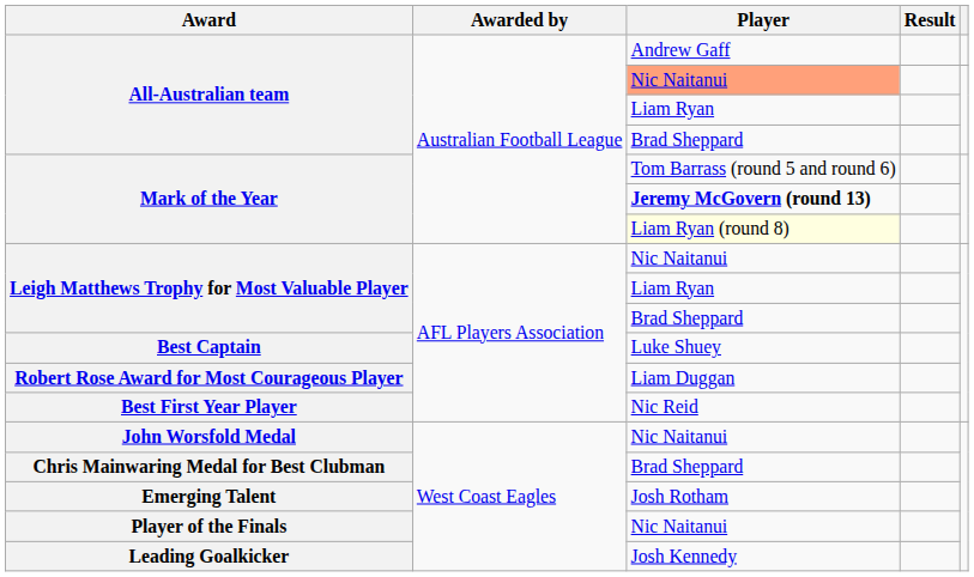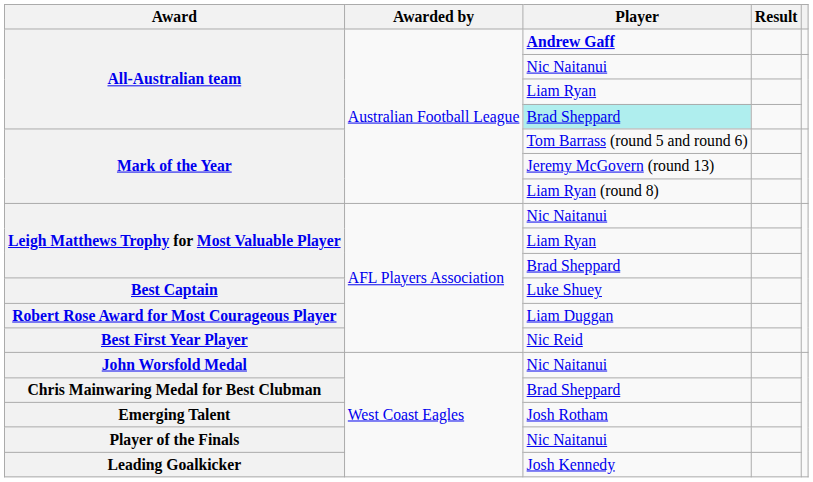 <table class="wikitable plainrowheaders sortable">
 <tr>
 <th scope="col">Award</th>
 <th scope="col">Awarded by</th>
 <th scope="col">Player</th>
 <th scope="col">Result</th>
 <th class="unsortable"></th>
 </tr>
 <tr>
 <th scope="row" rowspan=4><a href='#'>All-Australian team</a></th>
 <td rowspan=7><a href='#'>Australian Football League</a></td>
-<td><a href='#'>Andrew Gaff</a></td>
+<td><strong><a href='#'>Andrew Gaff</a></strong></td>
 <td></td>
 <td></td>
 </tr>
 <tr>
-<td style="background: lightsalmon;"><a href='#'>Nic Naitanui</a></td>
+<td><a href='#'>Nic Naitanui</a></td>
 <td></td>
 <td rowspan=3></td>
 </tr>
 <tr>
 <td><a href='#'>Liam Ryan</a></td>
 <td></td>
 </tr>
 <tr>
-<td><a href='#'>Brad Sheppard</a></td>
+<td style="background: paleturquoise;"><a href='#'>Brad Sheppard</a></td>
 <td></td>
 </tr>
 <tr>
 <th scope="row" rowspan=3><a href='#'>Mark of the Year</a></th>
 <td><a href='#'>Tom Barrass</a> (round 5 and round 6)</td>
 <td></td>
 <td rowspan=3></td>
 </tr>
 <tr>
-<td><strong><a href='#'>Jeremy McGovern</a> (round 13)</strong></td>
+<td><a href='#'>Jeremy McGovern</a> (round 13)</td>
 <td></td>
 </tr>
 <tr>
-<td style="background: lightyellow;"><a href='#'>Liam Ryan</a> (round 8)</td>
+<td><a href='#'>Liam Ryan</a> (round 8)</td>
 <td></td>
 </tr>
 <tr>
 <th scope="row" rowspan=3><a href='#'>Leigh Matthews Trophy</a> for <a href='#'>Most Valuable Player</a></th>
 <td rowspan=6><a href='#'>AFL Players Association</a></td>
 <td><a href='#'>Nic Naitanui</a></td>
 <td></td>
 <td rowspan=6></td>
 </tr>
 <tr>
 <td><a href='#'>Liam Ryan</a></td>
 <td></td>
 </tr>
 <tr>
 <td><a href='#'>Brad Sheppard</a></td>
 <td></td>
 </tr>
 <tr>
 <th scope="row"><a href='#'>Best Captain</a></th>
 <td><a href='#'>Luke Shuey</a></td>
 <td></td>
 </tr>
 <tr>
 <th scope="row"><a href='#'>Robert Rose Award for Most Courageous Player</a></th>
 <td><a href='#'>Liam Duggan</a></td>
 <td></td>
 </tr>
 <tr>
 <th scope="row"><a href='#'>Best First Year Player</a></th>
 <td><a href='#'>Nic Reid</a></td>
 <td></td>
 </tr>
 <tr>
 <th scope="row"><a href='#'>John Worsfold Medal</a></th>
 <td rowspan="5"><a href='#'>West Coast Eagles</a></td>
 <td><a href='#'>Nic Naitanui</a></td>
 <td></td>
 <td rowspan="5"></td>
 </tr>
 <tr>
 <th scope="row">Chris Mainwaring Medal for Best Clubman</th>
 <td><a href='#'>Brad Sheppard</a></td>
 <td></td>
 </tr>
 <tr>
 <th scope="row">Emerging Talent</th>
 <td><a href='#'>Josh Rotham</a></td>
 <td></td>
 </tr>
 <tr>
 <th scope="row">Player of the Finals</th>
 <td><a href='#'>Nic Naitanui</a></td>
 <td></td>
 </tr>
 <tr>
 <th scope="row">Leading Goalkicker</th>
 <td><a href='#'>Josh Kennedy</a></td>
 <td></td>
 </tr>
 </table>
